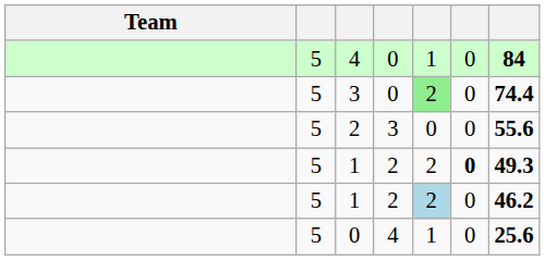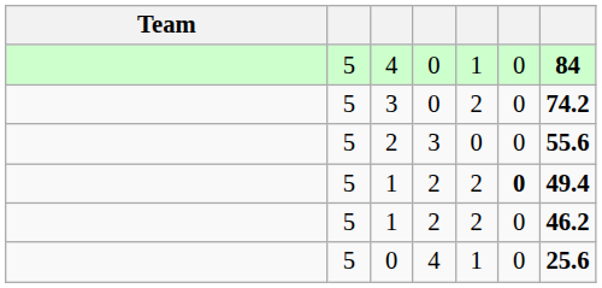 <table class="wikitable" style="text-align:center">
 <tr>
 <th style="width:200px">Team</th>
 <th width="20"></th>
 <th width="20"></th>
 <th width="20"></th>
 <th width="20"></th>
 <th width="20"></th>
 <th width="20"></th>
 </tr>
 <tr style="background:#cfc">
 <td style="text-align:left;"></td>
 <td>5</td>
 <td>4</td>
 <td>0</td>
 <td>1</td>
 <td>0</td>
 <td><strong>84</strong></td>
 </tr>
 <tr>
 <td style="text-align:left;"></td>
 <td>5</td>
 <td>3</td>
 <td>0</td>
-<td style="background: lightgreen;">2</td>
+<td>2</td>
 <td>0</td>
-<td><strong>74.4</strong></td>
+<td><strong>74.2</strong></td>
 </tr>
 <tr>
 <td style="text-align:left;"></td>
 <td>5</td>
 <td>2</td>
 <td>3</td>
 <td>0</td>
 <td>0</td>
 <td><strong>55.6</strong></td>
 </tr>
 <tr>
 <td style="text-align:left;"></td>
 <td>5</td>
 <td>1</td>
 <td>2</td>
 <td>2</td>
 <td><strong>0</strong></td>
-<td><strong>49.3</strong></td>
+<td><strong>49.4</strong></td>
 </tr>
 <tr>
 <td style="text-align:left;"></td>
 <td>5</td>
 <td>1</td>
 <td>2</td>
-<td style="background: lightblue;">2</td>
+<td>2</td>
 <td>0</td>
 <td><strong>46.2</strong></td>
 </tr>
 <tr>
 <td style="text-align:left;"></td>
 <td>5</td>
 <td>0</td>
 <td>4</td>
 <td>1</td>
 <td>0</td>
 <td><strong>25.6</strong></td>
 </tr>
 </table>
